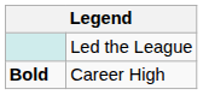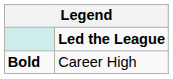 <table class="wikitable">
 <tr>
 <th colspan="2">Legend</th>
 </tr>
 <tr>
 <td style="background:#cfecec; width:3em;"></td>
-<td>Led the League</td>
+<td><strong>Led the League</strong></td>
 </tr>
 <tr>
 <td><strong>Bold</strong></td>
 <td>Career High</td>
 </tr>
 </table>
